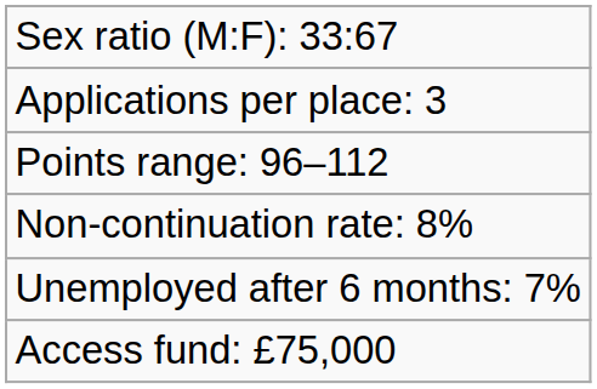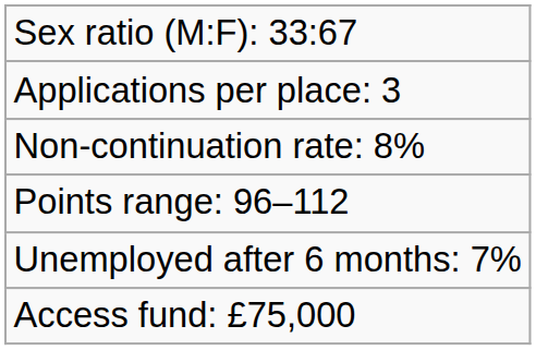 <table class="wikitable">
 <tr>
 <td>Sex ratio (M:F): 33:67</td>
 </tr>
 <tr>
 <td>Applications per place: 3</td>
 </tr>
 <tr>
-<td>Points range: 96–112 </td>
+<td>Non-continuation rate: 8%</td>
 </tr>
 <tr>
-<td>Non-continuation rate: 8%</td>
+<td>Points range: 96–112 </td>
 </tr>
 <tr>
 <td>Unemployed after 6 months: 7%</td>
 </tr>
 <tr>
 <td Av. debt per year: £7,333>Access fund: £75,000</td>
 </tr>
 </table>
